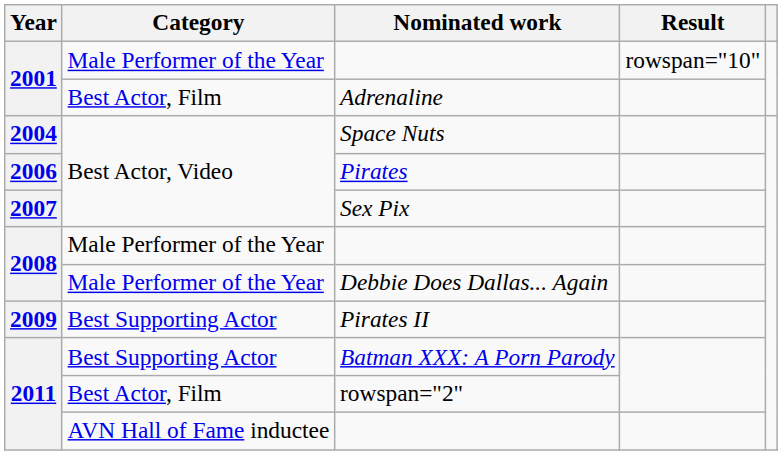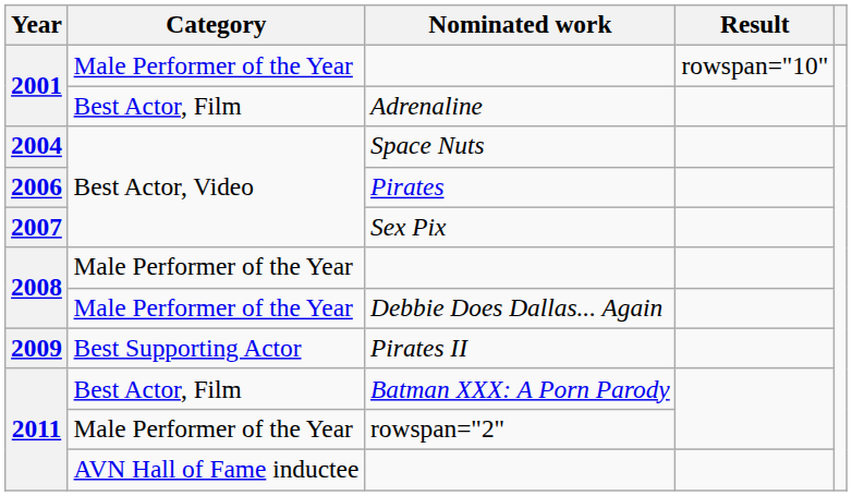 <table class="wikitable">
 <tr>
 <th>Year</th>
 <th>Category</th>
 <th>Nominated work</th>
 <th>Result</th>
 <th></th>
 </tr>
 <tr>
 <th rowspan="2"><a href='#'>2001</a></th>
 <td><a href='#'>Male Performer of the Year</a></td>
 <td></td>
 <td>rowspan="10" </td>
 <td rowspan="2"></td>
 </tr>
 <tr>
 <td><a href='#'>Best Actor</a>, Film</td>
 <td><em>Adrenaline</em></td>
 </tr>
 <tr>
 <th scope="row"><a href='#'>2004</a></th>
 <td rowspan="3">Best Actor, Video</td>
 <td><em>Space Nuts</em></td>
 <td></td>
 </tr>
 <tr>
 <th scope="row"><a href='#'>2006</a></th>
 <td><em><a href='#'>Pirates</a></em></td>
 <td></td>
 </tr>
 <tr>
 <th scope="row"><a href='#'>2007</a></th>
 <td><em>Sex Pix</em></td>
 <td></td>
 </tr>
 <tr>
 <th rowspan="2"><a href='#'>2008</a></th>
 <td>Male Performer of the Year</td>
 <td></td>
 <td></td>
 </tr>
 <tr>
 <td><a href='#'>Male Performer of the Year</a></td>
 <td><em>Debbie Does Dallas... Again</em></td>
 <td></td>
 </tr>
 <tr>
 <th scope="row"><a href='#'>2009</a></th>
 <td><a href='#'>Best Supporting Actor</a></td>
 <td><em>Pirates II</em></td>
 <td></td>
 </tr>
 <tr>
 <th rowspan="3"><a href='#'>2011</a></th>
-<td><a href='#'>Best Supporting Actor</a></td>
+<td><a href='#'>Best Actor</a>, Film</td>
 <td><em><a href='#'>Batman XXX: A Porn Parody</a></em></td>
 <td rowspan="2"></td>
 </tr>
 <tr>
-<td><a href='#'>Best Actor</a>, Film</td>
+<td>Male Performer of the Year</td>
 <td>rowspan="2" </td>
 </tr>
 <tr>
 <td><a href='#'>AVN Hall of Fame</a> inductee</td>
 <td></td>
 <td></td>
 </tr>
 </table>
